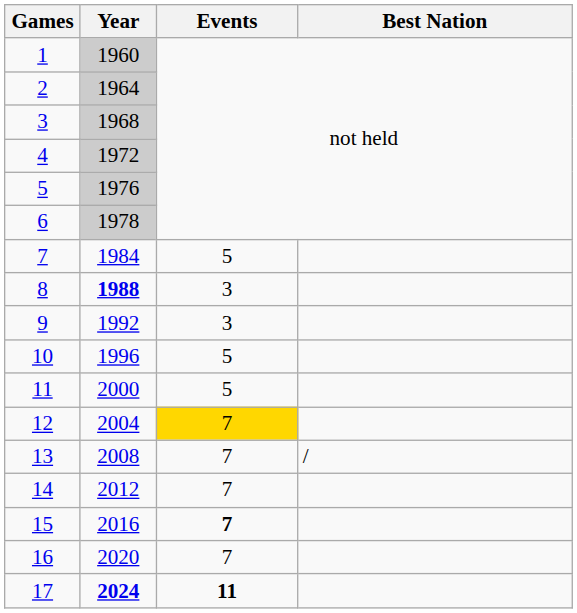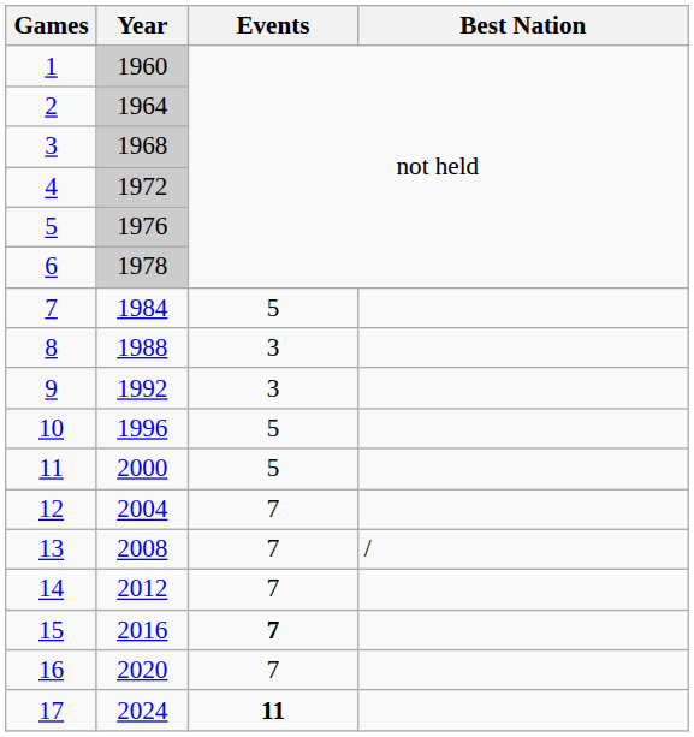 <table class=wikitable>
 <tr>
 <th width=50>Games</th>
 <th width=50>Year</th>
 <th width=100>Events</th>
 <th width=200>Best Nation</th>
 </tr>
 <tr>
 <td align=center><a href='#'>1</a></td>
 <td bgcolor="cccccc" align=center>1960</td>
 <td colspan="2" rowspan="6" align=center>not held</td>
 </tr>
 <tr>
 <td align=center><a href='#'>2</a></td>
 <td bgcolor="cccccc" align=center>1964</td>
 </tr>
 <tr>
 <td align=center><a href='#'>3</a></td>
 <td bgcolor="cccccc" align=center>1968</td>
 </tr>
 <tr>
 <td align=center><a href='#'>4</a></td>
 <td bgcolor="cccccc" align=center>1972</td>
 </tr>
 <tr>
 <td align=center><a href='#'>5</a></td>
 <td bgcolor="cccccc" align=center>1976</td>
 </tr>
 <tr>
 <td align=center><a href='#'>6</a></td>
 <td bgcolor="cccccc" align=center>1978</td>
 </tr>
 <tr>
 <td align=center><a href='#'>7</a></td>
 <td align=center><a href='#'>1984</a></td>
 <td align=center>5</td>
 <td></td>
 </tr>
 <tr>
 <td align=center><a href='#'>8</a></td>
-<td align=center><strong><a href='#'>1988</a></strong></td>
+<td align=center><a href='#'>1988</a></td>
 <td align=center>3</td>
 <td></td>
 </tr>
 <tr>
 <td align=center><a href='#'>9</a></td>
 <td align=center><a href='#'>1992</a></td>
 <td align=center>3</td>
 <td></td>
 </tr>
 <tr>
 <td align=center><a href='#'>10</a></td>
 <td align=center><a href='#'>1996</a></td>
 <td align=center>5</td>
 <td></td>
 </tr>
 <tr>
 <td align=center><a href='#'>11</a></td>
 <td align=center><a href='#'>2000</a></td>
 <td align=center>5</td>
 <td></td>
 </tr>
 <tr>
 <td align=center><a href='#'>12</a></td>
 <td align=center><a href='#'>2004</a></td>
-<td align=center style="background: gold;">7</td>
+<td align=center>7</td>
 <td></td>
 </tr>
 <tr>
 <td align=center><a href='#'>13</a></td>
 <td align=center><a href='#'>2008</a></td>
 <td align=center>7</td>
 <td> / </td>
 </tr>
 <tr>
 <td align=center><a href='#'>14</a></td>
 <td align=center><a href='#'>2012</a></td>
 <td align=center>7</td>
 <td></td>
 </tr>
 <tr>
 <td align=center><a href='#'>15</a></td>
 <td align=center><a href='#'>2016</a></td>
 <td align=center><strong>7</strong></td>
 <td></td>
 </tr>
 <tr>
 <td align=center><a href='#'>16</a></td>
 <td align=center><a href='#'>2020</a></td>
 <td align=center>7</td>
 <td></td>
 </tr>
 <tr>
 <td align=center><a href='#'>17</a></td>
-<td align=center><strong><a href='#'>2024</a></strong></td>
+<td align=center><a href='#'>2024</a></td>
 <td align=center><strong>11</strong></td>
 <td></td>
 </tr>
 </table>
